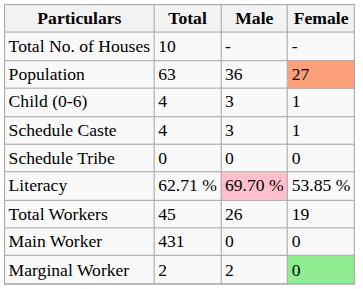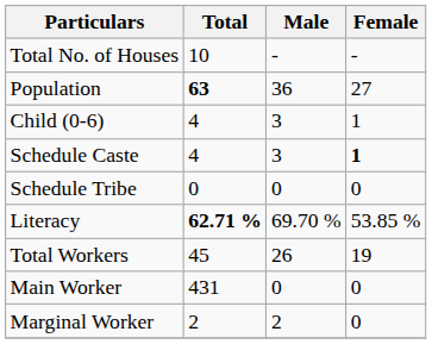 <table class="wikitable sortable">
 <tr>
 <th>Particulars</th>
 <th>Total</th>
 <th>Male</th>
 <th>Female</th>
 </tr>
 <tr>
 <td>Total No. of Houses</td>
 <td>10</td>
 <td>-</td>
 <td>-</td>
 </tr>
 <tr>
 <td>Population</td>
-<td>63</td>
+<td><strong>63</strong></td>
 <td>36</td>
-<td style="background: lightsalmon;">27</td>
+<td>27</td>
 </tr>
 <tr>
 <td>Child (0-6)</td>
 <td>4</td>
 <td>3</td>
 <td>1</td>
 </tr>
 <tr>
 <td>Schedule Caste</td>
 <td>4</td>
 <td>3</td>
-<td>1</td>
+<td><strong>1</strong></td>
 </tr>
 <tr>
 <td>Schedule Tribe</td>
 <td>0</td>
 <td>0</td>
 <td>0</td>
 </tr>
 <tr>
 <td>Literacy</td>
-<td>62.71 %</td>
-<td style="background: pink;">69.70 %</td>
+<td><strong>62.71 %</strong></td>
+<td>69.70 %</td>
 <td>53.85 %</td>
 </tr>
 <tr>
 <td>Total Workers</td>
 <td>45</td>
 <td>26</td>
 <td>19</td>
 </tr>
 <tr>
 <td>Main Worker</td>
 <td>431</td>
 <td>0</td>
 <td>0</td>
 </tr>
 <tr>
 <td>Marginal Worker</td>
 <td>2</td>
 <td>2</td>
-<td style="background: lightgreen;">0</td>
+<td>0</td>
 </tr>
 <tr>
 </tr>
 </table>
